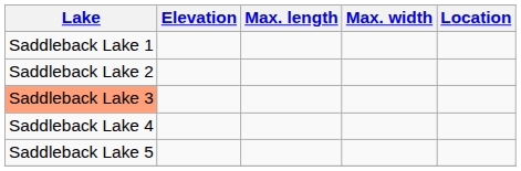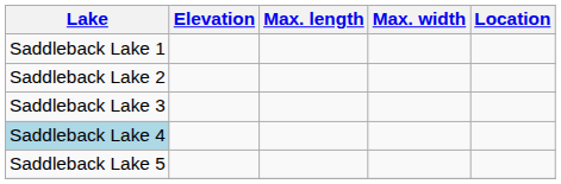 <table class="wikitable sortable">
 <tr>
 <th><a href='#'>Lake</a></th>
 <th><a href='#'>Elevation</a></th>
 <th><a href='#'>Max. length</a></th>
 <th><a href='#'>Max. width</a></th>
 <th><a href='#'>Location</a></th>
 </tr>
 <tr>
 <td>Saddleback Lake 1</td>
 <td></td>
 <td></td>
 <td></td>
 <td></td>
 </tr>
 <tr>
 <td>Saddleback Lake 2</td>
 <td></td>
 <td></td>
 <td></td>
 <td></td>
 </tr>
 <tr>
-<td style="background: lightsalmon;">Saddleback Lake 3</td>
+<td>Saddleback Lake 3</td>
 <td></td>
 <td></td>
 <td></td>
 <td></td>
 </tr>
 <tr>
-<td>Saddleback Lake 4</td>
+<td style="background: lightblue;">Saddleback Lake 4</td>
 <td></td>
 <td></td>
 <td></td>
 <td></td>
 </tr>
 <tr>
 <td>Saddleback Lake 5</td>
 <td></td>
 <td></td>
 <td></td>
 <td></td>
 </tr>
 <tr>
 </tr>
 </table>
